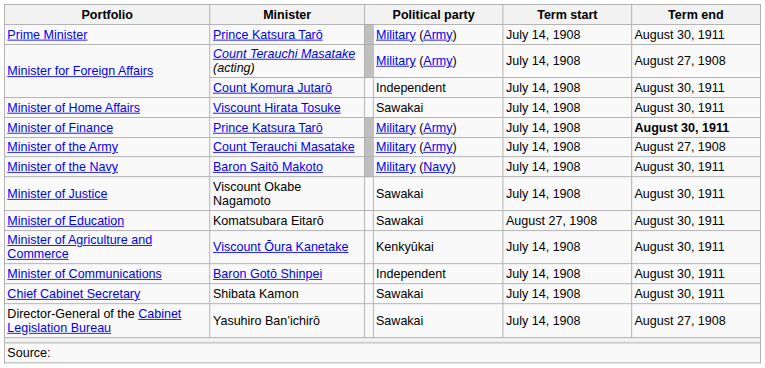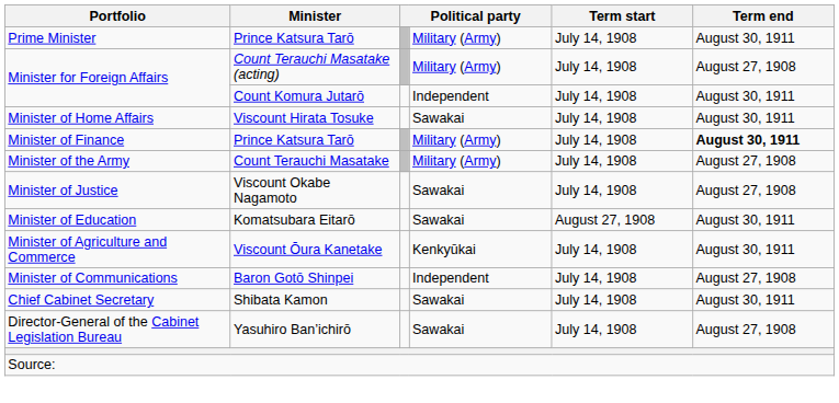 <table class="wikitable unsortable" style="font-size: 90%;">
 <tr>
 <th scope="col" width="20%">Portfolio</th>
 <th scope="col" width="15%">Minister</th>
 <th colspan="2" scope="col" width="13.5%">Political party</th>
 <th scope="col" width="12.5%">Term start</th>
 <th scope="col" width="12.5%">Term end</th>
 </tr>
 <tr>
 <td style="text-align: left;"><a href='#'>Prime Minister</a></td>
 <td><a href='#'>Prince Katsura Tarō</a></td>
 <td style="color:inherit;background:#bfbfbf"></td>
 <td><a href='#'>Military</a> (<a href='#'>Army</a>)</td>
 <td>July 14, 1908</td>
 <td>August 30, 1911</td>
 </tr>
 <tr>
 <td rowspan="2"><a href='#'>Minister for Foreign Affairs</a></td>
 <td><em><a href='#'>Count Terauchi Masatake</a> (acting)</em></td>
 <td style="color:inherit;background:#bfbfbf"></td>
 <td><a href='#'>Military</a> (<a href='#'>Army</a>)</td>
 <td>July 14, 1908</td>
 <td>August 27, 1908</td>
 </tr>
 <tr>
 <td><a href='#'>Count Komura Jutarō</a></td>
 <td style="color:inherit;background:"></td>
 <td>Independent</td>
 <td>July 14, 1908</td>
 <td>August 30, 1911</td>
 </tr>
 <tr>
 <td><a href='#'>Minister of Home Affairs</a></td>
 <td><a href='#'>Viscount Hirata Tosuke</a></td>
 <td></td>
 <td>Sawakai</td>
 <td>July 14, 1908</td>
 <td>August 30, 1911</td>
 </tr>
 <tr>
 <td><a href='#'>Minister of Finance</a></td>
 <td><a href='#'>Prince Katsura Tarō</a></td>
 <td style="color:inherit;background:#bfbfbf"></td>
 <td><a href='#'>Military</a> (<a href='#'>Army</a>)</td>
 <td>July 14, 1908</td>
 <td><strong>August 30, 1911</strong></td>
 </tr>
 <tr>
 <td><a href='#'>Minister of the Army</a></td>
 <td><a href='#'>Count Terauchi Masatake</a></td>
 <td style="color:inherit;background:#bfbfbf"></td>
 <td><a href='#'>Military</a> (<a href='#'>Army</a>)</td>
 <td>July 14, 1908</td>
 <td>August 27, 1908</td>
 </tr>
 <tr>
-<td><a href='#'>Minister of the Navy</a></td>
-<td><a href='#'>Baron Saitō Makoto</a></td>
-<td style="color:inherit;background:#bfbfbf"></td>
-<td><a href='#'>Military</a> (<a href='#'>Navy</a>)</td>
-<td>July 14, 1908</td>
-<td>August 30, 1911</td>
-</tr>
-<tr>
 <td><a href='#'>Minister of Justice</a></td>
 <td>Viscount Okabe Nagamoto</td>
 <td></td>
 <td>Sawakai</td>
 <td>July 14, 1908</td>
-<td>August 30, 1911</td>
+<td>August 27, 1908</td>
 </tr>
 <tr>
 <td><a href='#'>Minister of Education</a></td>
 <td>Komatsubara Eitarō</td>
 <td></td>
 <td>Sawakai</td>
 <td>August 27, 1908</td>
 <td>August 30, 1911</td>
 </tr>
 <tr>
 <td><a href='#'>Minister of Agriculture and Commerce</a></td>
 <td><a href='#'>Viscount Ōura Kanetake</a></td>
 <td></td>
 <td>Kenkyūkai</td>
 <td>July 14, 1908</td>
 <td>August 30, 1911</td>
 </tr>
 <tr>
 <td><a href='#'>Minister of Communications</a></td>
 <td><a href='#'>Baron Gotō Shinpei</a></td>
 <td style="color:inherit;background:"></td>
 <td>Independent</td>
 <td>July 14, 1908</td>
-<td>August 30, 1911</td>
+<td>August 27, 1908</td>
 </tr>
 <tr>
 <td><a href='#'>Chief Cabinet Secretary</a></td>
 <td>Shibata Kamon</td>
 <td></td>
 <td>Sawakai</td>
 <td>July 14, 1908</td>
 <td>August 30, 1911</td>
 </tr>
 <tr>
 <td>Director-General of the <a href='#'>Cabinet Legislation Bureau</a></td>
 <td>Yasuhiro Ban’ichirō</td>
 <td></td>
 <td>Sawakai</td>
 <td>July 14, 1908</td>
 <td>August 27, 1908</td>
 </tr>
 <tr>
 <th colspan="6"></th>
 </tr>
 <tr>
 <td colspan="6">Source:</td>
 </tr>
 </table>
